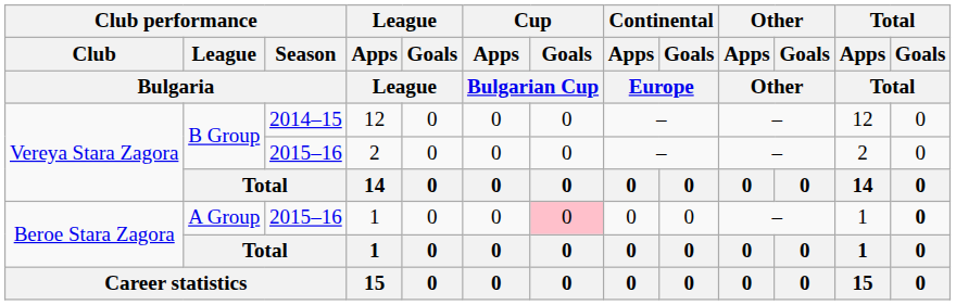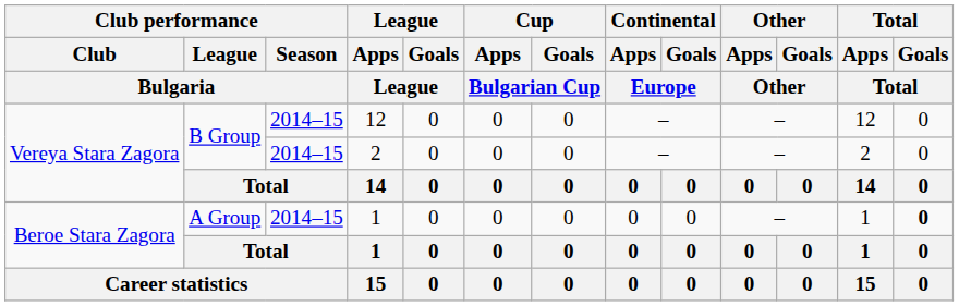 <table class="wikitable" style="text-align: center">
 <tr>
 <th Colspan="3">Club performance</th>
 <th Colspan="2">League</th>
 <th Colspan="2">Cup</th>
 <th Colspan="2">Continental</th>
 <th Colspan="2">Other</th>
 <th Colspan="3">Total</th>
 </tr>
 <tr>
 <th>Club</th>
 <th>League</th>
 <th>Season</th>
 <th>Apps</th>
 <th>Goals</th>
 <th>Apps</th>
 <th>Goals</th>
 <th>Apps</th>
 <th>Goals</th>
 <th>Apps</th>
 <th>Goals</th>
 <th>Apps</th>
 <th>Goals</th>
 </tr>
 <tr>
 <th Colspan="3">Bulgaria</th>
 <th Colspan="2">League</th>
 <th Colspan="2"><a href='#'>Bulgarian Cup</a></th>
 <th Colspan="2"><a href='#'>Europe</a></th>
 <th Colspan="2">Other</th>
 <th Colspan="2">Total</th>
 </tr>
 <tr>
 <td rowspan="3" valign="center"><a href='#'>Vereya Stara Zagora</a></td>
 <td rowspan="2"><a href='#'>B Group</a></td>
 <td><a href='#'>2014–15</a></td>
 <td>12</td>
 <td>0</td>
 <td>0</td>
 <td>0</td>
 <td colspan="2">–</td>
 <td colspan="2">–</td>
 <td>12</td>
 <td>0</td>
 </tr>
 <tr>
-<td><a href='#'>2015–16</a></td>
+<td><a href='#'>2014–15</a></td>
 <td>2</td>
 <td>0</td>
 <td>0</td>
 <td>0</td>
 <td colspan="2">–</td>
 <td colspan="2">–</td>
 <td>2</td>
 <td>0</td>
 </tr>
 <tr>
 <th colspan=2>Total</th>
 <th>14</th>
 <th>0</th>
 <th>0</th>
 <th>0</th>
 <th>0</th>
 <th>0</th>
 <th>0</th>
 <th>0</th>
 <th>14</th>
 <th>0</th>
 </tr>
 <tr>
 <td rowspan="2" valign="center"><a href='#'>Beroe Stara Zagora</a></td>
 <td rowspan="1"><a href='#'>A Group</a></td>
-<td><a href='#'>2015–16</a></td>
+<td><a href='#'>2014–15</a></td>
 <td>1</td>
 <td>0</td>
 <td>0</td>
-<td style="background: pink;">0</td>
+<td>0</td>
 <td>0</td>
 <td>0</td>
 <td colspan="2">–</td>
 <td>1</td>
 <td><strong>0</strong></td>
 </tr>
 <tr>
 <th colspan=2>Total</th>
 <th>1</th>
 <th>0</th>
 <th>0</th>
 <th>0</th>
 <th>0</th>
 <th>0</th>
 <th>0</th>
 <th>0</th>
 <th>1</th>
 <th>0</th>
 </tr>
 <tr>
 <th colspan="3">Career statistics</th>
 <th>15</th>
 <th>0</th>
 <th>0</th>
 <th>0</th>
 <th>0</th>
 <th>0</th>
 <th>0</th>
 <th>0</th>
 <th>15</th>
 <th>0</th>
 </tr>
 </table>
